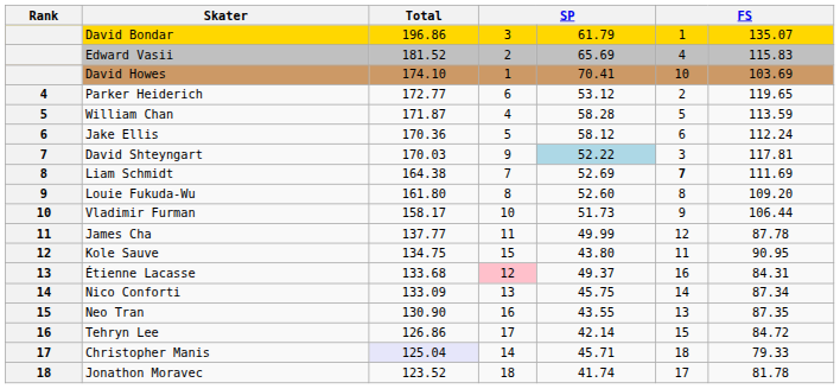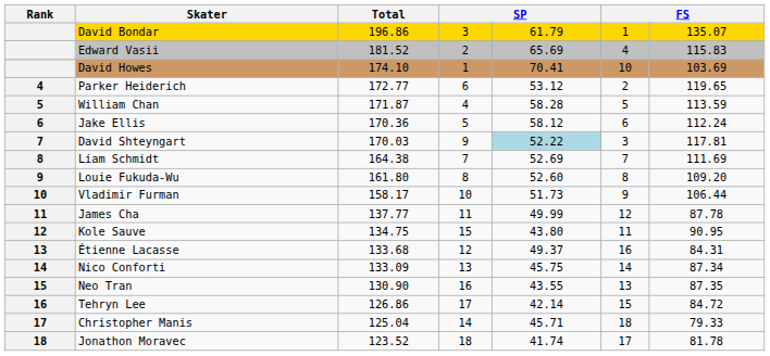 <table class="wikitable sortable" style="text-align:center; width:70%">
 <tr>
 <th scope="col">Rank</th>
 <th scope="col">Skater</th>
 <th scope="col">Total</th>
 <th scope="col" colspan="2" width="80px"><a href='#'>SP</a></th>
 <th scope="col" colspan="2" width="80px"><a href='#'>FS</a></th>
 </tr>
 <tr bgcolor="gold">
 <th scope="row"></th>
 <td align="left">David Bondar</td>
 <td>196.86</td>
 <td>3</td>
 <td>61.79</td>
 <td>1</td>
 <td>135.07</td>
 </tr>
 <tr bgcolor="silver">
 <th scope="row"></th>
 <td align="left">Edward Vasii</td>
 <td>181.52</td>
 <td>2</td>
 <td>65.69</td>
 <td>4</td>
 <td>115.83</td>
 </tr>
 <tr bgcolor="cc9966">
 <th scope="row"></th>
 <td align="left">David Howes</td>
 <td>174.10</td>
 <td>1</td>
 <td>70.41</td>
 <td>10</td>
 <td>103.69</td>
 </tr>
 <tr>
 <th scope="row">4</th>
 <td align="left">Parker Heiderich</td>
 <td>172.77</td>
 <td>6</td>
 <td>53.12</td>
 <td>2</td>
 <td>119.65</td>
 </tr>
 <tr>
 <th scope="row">5</th>
 <td align="left">William Chan</td>
 <td>171.87</td>
 <td>4</td>
 <td>58.28</td>
 <td>5</td>
 <td>113.59</td>
 </tr>
 <tr>
 <th scope="row">6</th>
 <td align="left">Jake Ellis</td>
 <td>170.36</td>
 <td>5</td>
 <td>58.12</td>
 <td>6</td>
 <td>112.24</td>
 </tr>
 <tr>
 <th scope="row">7</th>
 <td align="left">David Shteyngart</td>
 <td>170.03</td>
 <td>9</td>
 <td style="background: lightblue;">52.22</td>
 <td>3</td>
 <td>117.81</td>
 </tr>
 <tr>
 <th scope="row">8</th>
 <td align="left">Liam Schmidt</td>
 <td>164.38</td>
 <td>7</td>
 <td>52.69</td>
-<td><strong>7</strong></td>
+<td>7</td>
 <td>111.69</td>
 </tr>
 <tr>
 <th scope="row">9</th>
 <td align="left">Louie Fukuda-Wu</td>
 <td>161.80</td>
 <td>8</td>
 <td>52.60</td>
 <td>8</td>
 <td>109.20</td>
 </tr>
 <tr>
 <th scope="row">10</th>
 <td align="left">Vladimir Furman</td>
 <td>158.17</td>
 <td>10</td>
 <td>51.73</td>
 <td>9</td>
 <td>106.44</td>
 </tr>
 <tr>
 <th scope="row">11</th>
 <td align="left">James Cha</td>
 <td>137.77</td>
 <td>11</td>
 <td>49.99</td>
 <td>12</td>
 <td>87.78</td>
 </tr>
 <tr>
 <th scope="row">12</th>
 <td align="left">Kole Sauve</td>
 <td>134.75</td>
 <td>15</td>
 <td>43.80</td>
 <td>11</td>
 <td>90.95</td>
 </tr>
 <tr>
 <th scope="row">13</th>
 <td align="left">Étienne Lacasse</td>
 <td>133.68</td>
-<td style="background: pink;">12</td>
+<td>12</td>
 <td>49.37</td>
 <td>16</td>
 <td>84.31</td>
 </tr>
 <tr>
 <th scope="row">14</th>
 <td align="left">Nico Conforti</td>
 <td>133.09</td>
 <td>13</td>
 <td>45.75</td>
 <td>14</td>
 <td>87.34</td>
 </tr>
 <tr>
 <th scope="row">15</th>
 <td align="left">Neo Tran</td>
 <td>130.90</td>
 <td>16</td>
 <td>43.55</td>
 <td>13</td>
 <td>87.35</td>
 </tr>
 <tr>
 <th scope="row">16</th>
 <td align="left">Tehryn Lee</td>
 <td>126.86</td>
 <td>17</td>
 <td>42.14</td>
 <td>15</td>
 <td>84.72</td>
 </tr>
 <tr>
 <th scope="row">17</th>
 <td align="left">Christopher Manis</td>
-<td style="background: lavender;">125.04</td>
+<td>125.04</td>
 <td>14</td>
 <td>45.71</td>
 <td>18</td>
 <td>79.33</td>
 </tr>
 <tr>
 <th scope="row">18</th>
 <td align="left">Jonathon Moravec</td>
 <td>123.52</td>
 <td>18</td>
 <td>41.74</td>
 <td>17</td>
 <td>81.78</td>
 </tr>
 </table>
